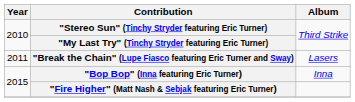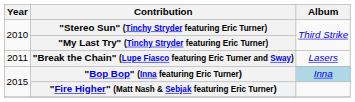 <table class="wikitable plainrowheaders" style="text-align:center;" border="1">
 <tr>
 <th>Year</th>
 <th>Contribution</th>
 <th>Album</th>
 </tr>
 <tr>
 <td rowspan="2">2010</td>
 <th scope="row">"Stereo Sun" <small>(<a href='#'>Tinchy Stryder</a> featuring Eric Turner)</small></th>
 <td rowspan="2"><em><a href='#'>Third Strike</a></em></td>
 </tr>
 <tr>
 <th scope="row">"My Last Try" <small>(<a href='#'>Tinchy Stryder</a> featuring Eric Turner)</small></th>
 </tr>
 <tr>
 <td>2011</td>
 <th scope="row">"Break the Chain" <small>(<a href='#'>Lupe Fiasco</a> featuring Eric Turner and <a href='#'>Sway</a>)</small></th>
 <td align="center"><em><a href='#'>Lasers</a></em></td>
 </tr>
 <tr>
 <td rowspan="2">2015</td>
 <th scope="row">"<a href='#'>Bop Bop</a>" <small>(<a href='#'>Inna</a> featuring Eric Turner</small>)</th>
-<td align="center"><em><a href='#'>Inna</a></em></td>
+<td align="center" style="background: lightblue;"><em><a href='#'>Inna</a></em></td>
 </tr>
 <tr>
 <th scope="row">"<a href='#'>Fire Higher</a>" <small>(Matt Nash & <a href='#'>Sebjak</a> featuring Eric Turner</small>)</th>
 <td align="center"></td>
 </tr>
 <tr>
 </tr>
 </table>
